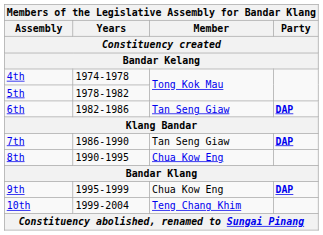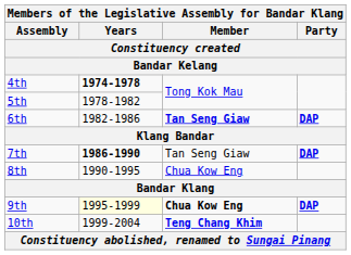 <table class=wikitable>
 <tr>
 <th colspan=4>Members of the Legislative Assembly for Bandar Klang</th>
 </tr>
 <tr>
 <th>Assembly</th>
 <th>Years</th>
 <th>Member</th>
 <th>Party</th>
 </tr>
 <tr>
 <th colspan=4 align=center><em>Constituency created</em></th>
 </tr>
 <tr>
 <th colspan=4 align=center>Bandar Kelang</th>
 </tr>
 <tr>
 <td><a href='#'>4th</a></td>
-<td>1974-1978</td>
+<td><strong>1974-1978</strong></td>
 <td rowspan=2><a href='#'>Tong Kok Mau</a></td>
 <td rowspan=2 bgcolor=></td>
 </tr>
 <tr>
 <td><a href='#'>5th</a></td>
 <td>1978-1982</td>
 </tr>
 <tr>
 <td><a href='#'>6th</a></td>
 <td>1982-1986</td>
-<td><a href='#'>Tan Seng Giaw</a></td>
+<td><strong><a href='#'>Tan Seng Giaw</a></strong></td>
 <td bgcolor=><strong><a href='#'>DAP</a></strong></td>
 </tr>
 <tr>
 <th colspan=4 align=center>Klang Bandar</th>
 </tr>
 <tr>
 <td><a href='#'>7th</a></td>
-<td>1986-1990</td>
+<td><strong>1986-1990</strong></td>
 <td>Tan Seng Giaw</td>
 <td bgcolor=><strong><a href='#'>DAP</a></strong></td>
 </tr>
 <tr>
 <td><a href='#'>8th</a></td>
 <td>1990-1995</td>
 <td><a href='#'>Chua Kow Eng</a></td>
 <td bgcolor=></td>
 </tr>
 <tr>
 <th colspan=4 align=center>Bandar Klang</th>
 </tr>
 <tr>
 <td><a href='#'>9th</a></td>
-<td>1995-1999</td>
-<td>Chua Kow Eng</td>
+<td style="background: lightyellow;">1995-1999</td>
+<td><strong>Chua Kow Eng</strong></td>
 <td bgcolor=><strong><a href='#'>DAP</a></strong></td>
 </tr>
 <tr>
 <td><a href='#'>10th</a></td>
 <td>1999-2004</td>
-<td><a href='#'>Teng Chang Khim</a></td>
+<td><strong><a href='#'>Teng Chang Khim</a></strong></td>
 <td bgcolor=></td>
 </tr>
 <tr>
 <th colspan=4 align=center><em>Constituency abolished, renamed to <a href='#'>Sungai Pinang</a></em></th>
 </tr>
 </table>
